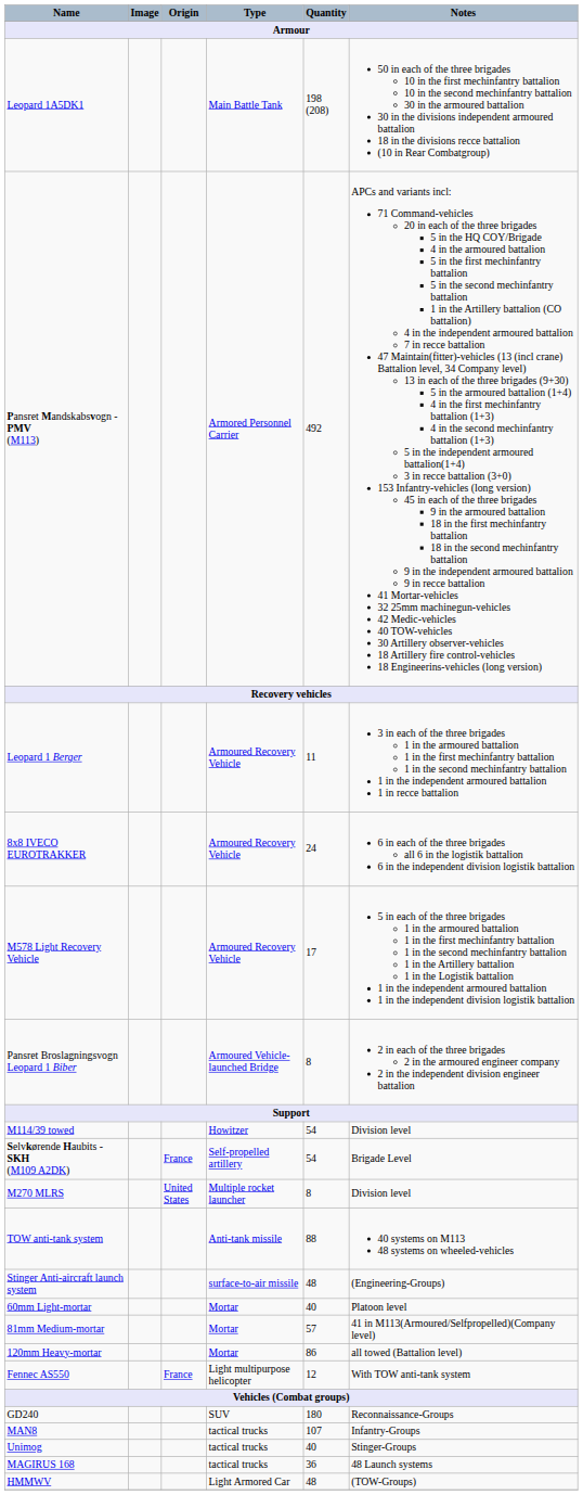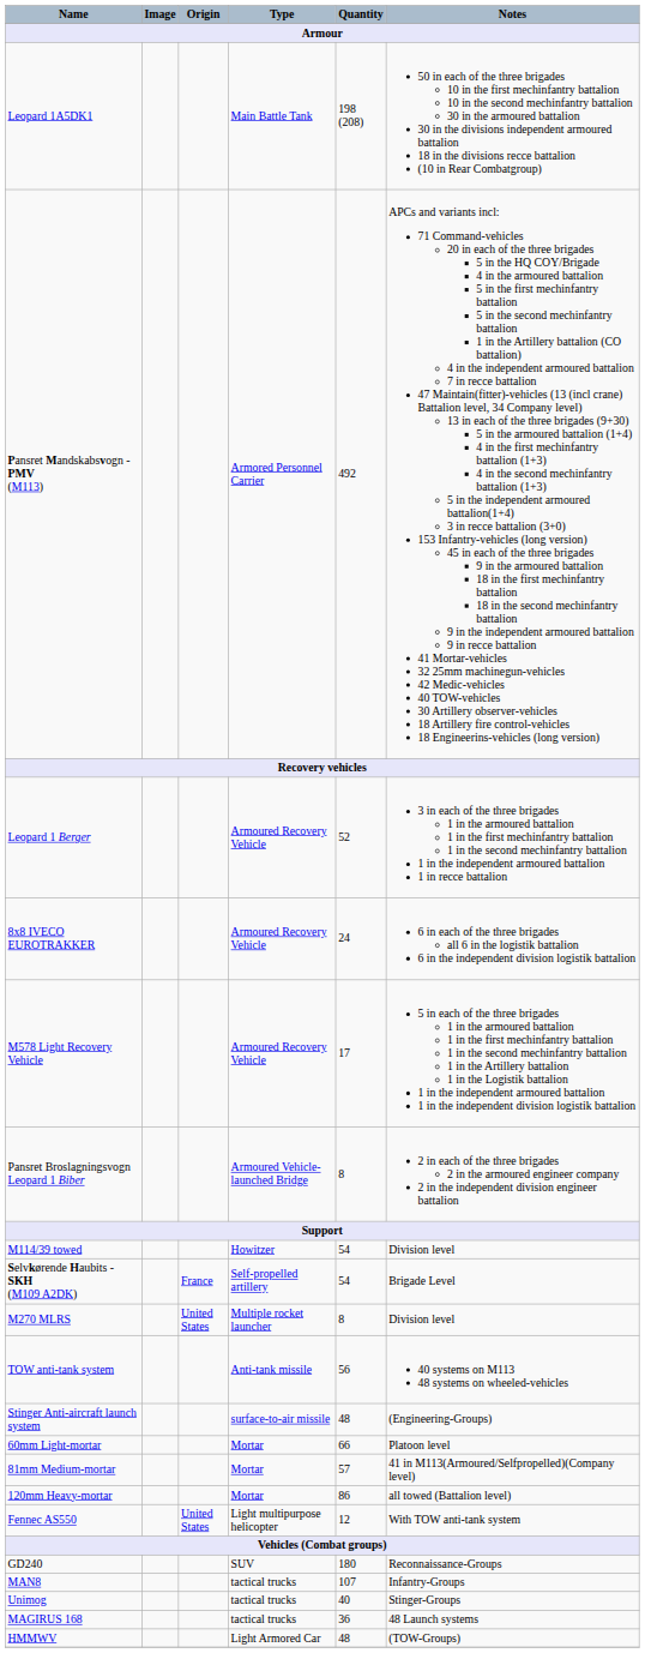 <table class="wikitable">
 <tr>
 <th style="text-align: center; background: #aabccc;">Name</th>
 <th style="text-align: center; background: #aabccc;">Image</th>
 <th style="text-align: center; background: #aabccc;">Origin</th>
 <th style="text-align: center; background: #aabccc;">Type</th>
 <th style="text-align: center; background: #aabccc;">Quantity</th>
 <th style="text-align: center; background: #aabccc;">Notes</th>
 </tr>
 <tr>
 </tr>
 <tr>
 <th style="align: center; background: lavender;" colspan="7"><strong>Armour</strong></th>
 </tr>
 <tr>
 <td><a href='#'>Leopard 1A5DK1</a></td>
 <td></td>
 <td></td>
 <td><a href='#'>Main Battle Tank</a></td>
 <td>198<br>(208)</td>
 <td><br><ul><li>50 in each of the three brigades<ul><li>10 in the first mechinfantry battalion</li><li>10 in the second mechinfantry battalion</li><li>30 in the armoured battalion</li></ul></li><li>30 in the divisions independent armoured battalion</li><li>18 in the divisions recce battalion</li><li>(10 in Rear Combatgroup)</li></ul></td>
 </tr>
 <tr>
 <td><strong>P</strong>ansret <strong>M</strong>andskabs<strong>v</strong>ogn - <strong>PMV</strong><br>(<a href='#'>M113</a>)</td>
 <td></td>
 <td></td>
 <td><a href='#'>Armored Personnel Carrier</a></td>
 <td>492</td>
 <td><br>APCs and variants incl:<ul><li>71 Command-vehicles<ul><li>20 in each of the three brigades<ul><li>5 in the HQ COY/Brigade</li><li>4 in the armoured battalion</li><li>5 in the first mechinfantry battalion</li><li>5 in the second mechinfantry battalion</li><li>1 in the Artillery battalion (CO battalion)</li></ul></li><li>4 in the independent armoured battalion</li><li>7 in recce battalion</li></ul></li><li>47 Maintain(fitter)-vehicles (13 (incl crane) Battalion level, 34 Company level)<ul><li>13 in each of the three brigades (9+30)<ul><li>5 in the armoured battalion (1+4)</li><li>4 in the first mechinfantry battalion (1+3)</li><li>4 in the second mechinfantry battalion (1+3)</li></ul></li><li>5 in the independent armoured battalion(1+4)</li><li>3 in recce battalion (3+0)</li></ul></li><li>153 Infantry-vehicles (long version)<ul><li>45 in each of the three brigades<ul><li>9 in the armoured battalion</li><li>18 in the first mechinfantry battalion</li><li>18 in the second mechinfantry battalion</li></ul></li><li>9 in the independent armoured battalion</li><li>9 in recce battalion</li></ul></li><li>41 Mortar-vehicles</li><li>32 25mm machinegun-vehicles</li><li>42 Medic-vehicles</li><li>40 TOW-vehicles</li><li>30 Artillery observer-vehicles</li><li>18 Artillery fire control-vehicles</li><li>18 Engineerins-vehicles (long version)</li></ul></td>
 </tr>
 <tr>
 <th style="align: center; background: lavender;" colspan="7"><strong>Recovery vehicles</strong></th>
 </tr>
 <tr>
 <td><a href='#'>Leopard 1 <em>Berger</em></a></td>
 <td></td>
 <td></td>
 <td><a href='#'>Armoured Recovery Vehicle</a></td>
-<td>11</td>
+<td>52</td>
 <td><br><ul><li>3 in each of the three brigades<ul><li>1 in the armoured battalion</li><li>1 in the first mechinfantry battalion</li><li>1 in the second mechinfantry battalion</li></ul></li><li>1 in the independent armoured battalion</li><li>1 in recce battalion</li></ul></td>
 </tr>
 <tr>
 <td><a href='#'>8x8 IVECO EUROTRAKKER</a></td>
 <td></td>
 <td></td>
 <td><a href='#'>Armoured Recovery Vehicle</a></td>
 <td>24</td>
 <td><br><ul><li>6 in each of the three brigades<ul><li>all 6 in the logistik battalion</li></ul></li><li>6 in the independent division logistik battalion</li></ul></td>
 </tr>
 <tr>
 <td><a href='#'>M578 Light Recovery Vehicle</a></td>
 <td></td>
 <td></td>
 <td><a href='#'>Armoured Recovery Vehicle</a></td>
 <td>17</td>
 <td><br><ul><li>5 in each of the three brigades<ul><li>1 in the armoured battalion</li><li>1 in the first mechinfantry battalion</li><li>1 in the second mechinfantry battalion</li><li>1 in the Artillery battalion</li><li>1 in the Logistik battalion</li></ul></li><li>1 in the independent armoured battalion</li><li>1 in the independent division logistik battalion</li></ul></td>
 </tr>
 <tr>
 <td>Pansret Broslagningsvogn <a href='#'>Leopard 1 <em>Biber</em></a></td>
 <td></td>
 <td></td>
 <td><a href='#'>Armoured Vehicle-launched Bridge</a></td>
 <td>8</td>
 <td><br><ul><li>2 in each of the three brigades<ul><li>2 in the armoured engineer company</li></ul></li><li>2 in the independent division engineer battalion</li></ul></td>
 </tr>
 <tr>
 <th style="align: center; background: lavender;" colspan="7"><strong>Support</strong></th>
 </tr>
 <tr>
 <td><a href='#'>M114/39 towed</a></td>
 <td></td>
 <td></td>
 <td><a href='#'>Howitzer</a></td>
 <td>54</td>
 <td>Division level</td>
 </tr>
 <tr>
 <td><strong>S</strong>elv<strong>k</strong>ørende <strong>H</strong>aubits - <strong>SKH</strong><br> (<a href='#'>M109 A2DK</a>)</td>
 <td></td>
 <td> <a href='#'>France</a></td>
 <td><a href='#'>Self-propelled artillery</a></td>
 <td>54</td>
 <td>Brigade Level</td>
 </tr>
 <tr>
 <td><a href='#'>M270 MLRS</a></td>
 <td></td>
 <td> <a href='#'>United States</a></td>
 <td><a href='#'>Multiple rocket launcher</a></td>
 <td>8</td>
 <td>Division level</td>
 </tr>
 <tr>
 <td><a href='#'>TOW anti-tank system</a></td>
 <td></td>
 <td></td>
 <td><a href='#'>Anti-tank missile</a></td>
-<td>88</td>
+<td>56</td>
 <td><br><ul><li>40 systems on M113</li><li>48 systems on wheeled-vehicles</li></ul></td>
 </tr>
 <tr>
 <td><a href='#'>Stinger Anti-aircraft launch system</a></td>
 <td></td>
 <td></td>
 <td><a href='#'>surface-to-air missile</a></td>
 <td>48</td>
 <td>(Engineering-Groups)</td>
 </tr>
 <tr>
 <td><a href='#'>60mm Light-mortar</a></td>
 <td></td>
 <td></td>
 <td><a href='#'>Mortar</a></td>
-<td>40</td>
+<td>66</td>
 <td>Platoon level</td>
 </tr>
 <tr>
 <td><a href='#'>81mm Medium-mortar</a></td>
 <td></td>
 <td></td>
 <td><a href='#'>Mortar</a></td>
 <td>57</td>
 <td>41 in M113(Armoured/Selfpropelled)(Company level)</td>
 </tr>
 <tr>
 <td><a href='#'>120mm Heavy-mortar</a></td>
 <td></td>
 <td></td>
 <td><a href='#'>Mortar</a></td>
 <td>86</td>
 <td>all towed (Battalion level)</td>
 </tr>
 <tr>
 <td><a href='#'>Fennec AS550</a></td>
 <td></td>
-<td> <a href='#'>France</a></td>
+<td> <a href='#'>United States</a></td>
 <td>Light multipurpose helicopter</td>
 <td>12</td>
 <td>With TOW anti-tank system</td>
 </tr>
 <tr>
 <th style="align: center; background: lavender;" colspan="7"><strong>Vehicles (Combat groups)</strong></th>
 </tr>
 <tr>
 <td>GD240</td>
 <td></td>
 <td></td>
 <td>SUV</td>
 <td>180</td>
 <td>Reconnaissance-Groups</td>
 </tr>
 <tr>
 <td><a href='#'>MAN8</a></td>
 <td></td>
 <td></td>
 <td>tactical trucks</td>
 <td>107</td>
 <td>Infantry-Groups</td>
 </tr>
 <tr>
 <td><a href='#'>Unimog</a></td>
 <td></td>
 <td></td>
 <td>tactical trucks</td>
 <td>40</td>
 <td>Stinger-Groups</td>
 </tr>
 <tr>
 <td><a href='#'>MAGIRUS 168</a></td>
 <td></td>
 <td></td>
 <td>tactical trucks</td>
 <td>36</td>
 <td>48 Launch systems</td>
 </tr>
 <tr>
 <td><a href='#'>HMMWV</a></td>
 <td></td>
 <td></td>
 <td>Light Armored Car</td>
 <td>48</td>
 <td>(TOW-Groups)</td>
 </tr>
 <tr>
 </tr>
 </table>
